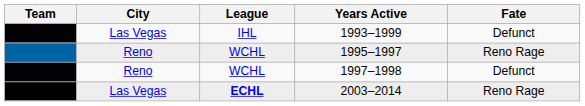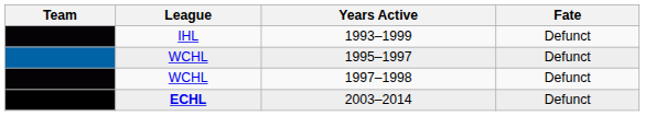 <table class="wikitable sortable" width="60%">
 <tr>
 <th>Team</th>
-<th>City</th>
 <th>League</th>
 <th>Years Active</th>
 <th>Fate</th>
 </tr>
 <tr align=center>
 <td style="color:white; background:#040204; "><strong><a href='#'></a></strong></td>
-<td><a href='#'>Las Vegas</a></td>
 <td><a href='#'>IHL</a></td>
 <td>1993–1999</td>
 <td>Defunct</td>
 </tr>
 <tr align=center bgcolor=eeeeee>
 <td style="color:white; background:#0063a5; "><strong><a href='#'></a></strong></td>
-<td><a href='#'>Reno</a></td>
 <td><a href='#'>WCHL</a></td>
 <td>1995–1997</td>
-<td>Reno Rage</td>
+<td>Defunct</td>
 </tr>
 <tr align=center>
 <td style="color:white; background:#040204; "><strong><a href='#'></a></strong></td>
-<td><a href='#'>Reno</a></td>
 <td><a href='#'>WCHL</a></td>
 <td>1997–1998</td>
 <td>Defunct</td>
 </tr>
 <tr align=center bgcolor=eeeeee>
 <td style="color:white; background:#000000; "><strong><a href='#'></a></strong></td>
-<td><a href='#'>Las Vegas</a></td>
 <td><strong><a href='#'>ECHL</a></strong></td>
 <td>2003–2014</td>
-<td>Reno Rage</td>
+<td>Defunct</td>
 </tr>
 </table>
